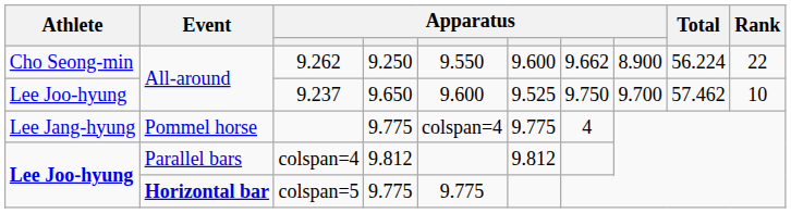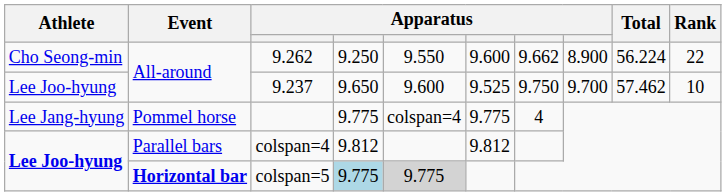 <table class="wikitable" style="font-size:90%">
 <tr>
 <th rowspan=2>Athlete</th>
 <th rowspan=2>Event</th>
 <th colspan=6>Apparatus</th>
 <th rowspan=2>Total</th>
 <th rowspan=2>Rank</th>
 </tr>
 <tr style="font-size:95%">
 <th></th>
 <th></th>
 <th></th>
 <th></th>
 <th></th>
 <th></th>
 </tr>
 <tr style="text-align: center;">
 <td style="text-align: left;"><a href='#'>Cho Seong-min</a></td>
 <td style="text-align: left;" rowspan=2><a href='#'>All-around</a></td>
 <td>9.262</td>
 <td>9.250</td>
 <td>9.550</td>
 <td>9.600</td>
 <td>9.662</td>
 <td>8.900</td>
 <td>56.224</td>
 <td>22</td>
 </tr>
 <tr style="text-align: center;">
 <td style="text-align: left;"><a href='#'>Lee Joo-hyung</a></td>
 <td>9.237</td>
 <td>9.650</td>
 <td>9.600</td>
 <td>9.525</td>
 <td>9.750</td>
 <td>9.700</td>
 <td>57.462</td>
 <td>10</td>
 </tr>
 <tr style="text-align: center;">
 <td style="text-align: left;"><a href='#'>Lee Jang-hyung</a></td>
 <td style="text-align: left;"><a href='#'>Pommel horse</a></td>
 <td></td>
 <td>9.775</td>
 <td>colspan=4 </td>
 <td>9.775</td>
 <td>4</td>
 </tr>
 <tr style="text-align: center;">
 <td style="text-align: left;" rowspan=2><strong><a href='#'>Lee Joo-hyung</a></strong></td>
 <td style="text-align: left;"><a href='#'>Parallel bars</a></td>
 <td>colspan=4 </td>
 <td>9.812</td>
 <td></td>
 <td>9.812</td>
 <td></td>
 </tr>
 <tr style="text-align: center;">
 <td style="text-align: left;"><strong><a href='#'>Horizontal bar</a></strong></td>
 <td>colspan=5 </td>
-<td>9.775</td>
-<td>9.775</td>
+<td style="background: lightblue;">9.775</td>
+<td style="background: lightgrey;">9.775</td>
 <td></td>
 </tr>
 </table>
